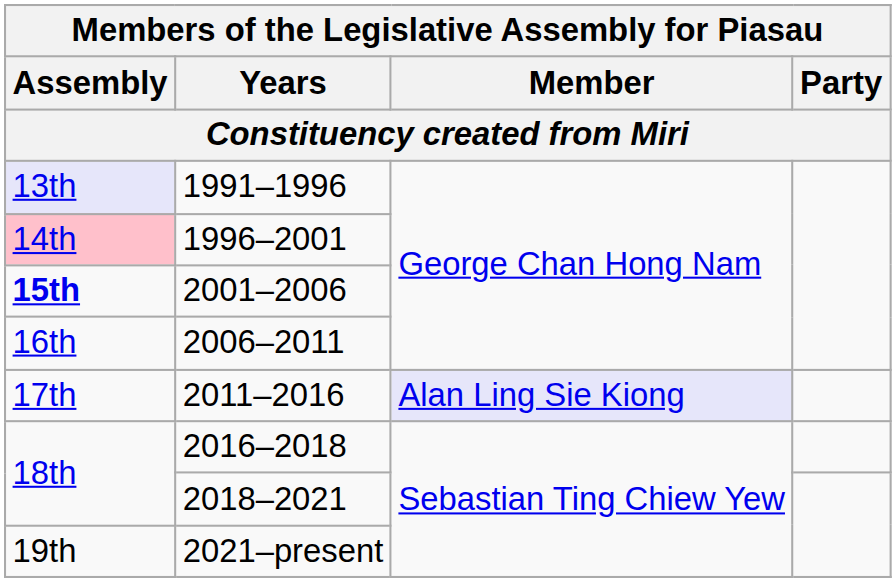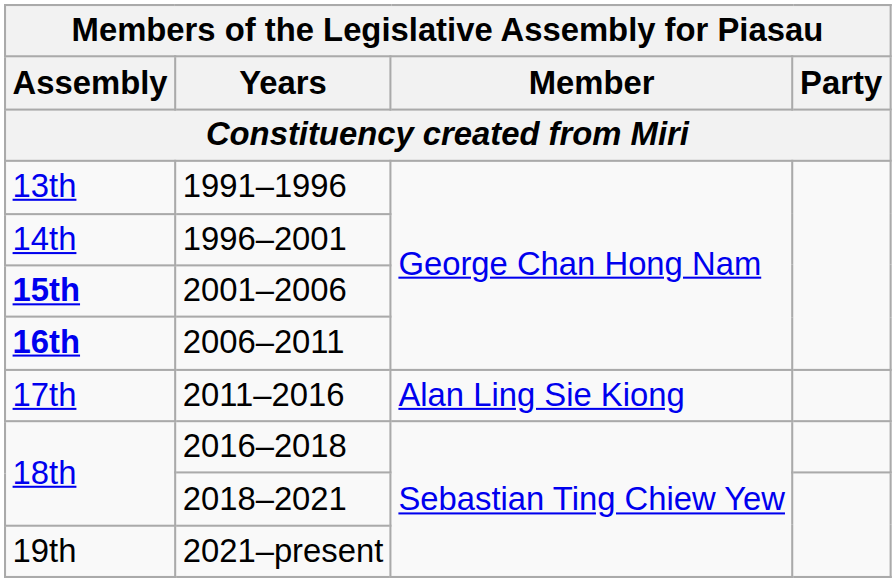 <table class=wikitable>
 <tr>
 <th colspan="4">Members of the Legislative Assembly for Piasau</th>
 </tr>
 <tr>
 <th>Assembly</th>
 <th>Years</th>
 <th>Member</th>
 <th>Party</th>
 </tr>
 <tr>
 <th colspan=4 align=center><em>Constituency created from Miri</em></th>
 </tr>
 <tr>
-<td style="background: lavender;"><a href='#'>13th</a></td>
+<td><a href='#'>13th</a></td>
 <td>1991–1996</td>
 <td rowspan=4><a href='#'>George Chan Hong Nam</a></td>
 <td rowspan=4 bgcolor=></td>
 </tr>
 <tr>
-<td style="background: pink;"><a href='#'>14th</a></td>
+<td><a href='#'>14th</a></td>
 <td>1996–2001</td>
 </tr>
 <tr>
 <td><strong><a href='#'>15th</a></strong></td>
 <td>2001–2006</td>
 </tr>
 <tr>
-<td><a href='#'>16th</a></td>
+<td><strong><a href='#'>16th</a></strong></td>
 <td>2006–2011</td>
 </tr>
 <tr>
 <td><a href='#'>17th</a></td>
 <td>2011–2016</td>
-<td style="background: lavender;"><a href='#'>Alan Ling Sie Kiong</a></td>
+<td><a href='#'>Alan Ling Sie Kiong</a></td>
 <td></td>
 </tr>
 <tr>
 <td rowspan="2"><a href='#'>18th</a></td>
 <td>2016–2018</td>
 <td rowspan="3"><a href='#'>Sebastian Ting Chiew Yew</a></td>
 <td bgcolor=></td>
 </tr>
 <tr>
 <td>2018–2021</td>
 <td rowspan="2" bgcolor=></td>
 </tr>
 <tr>
 <td>19th</td>
 <td>2021–present</td>
 </tr>
 </table>
